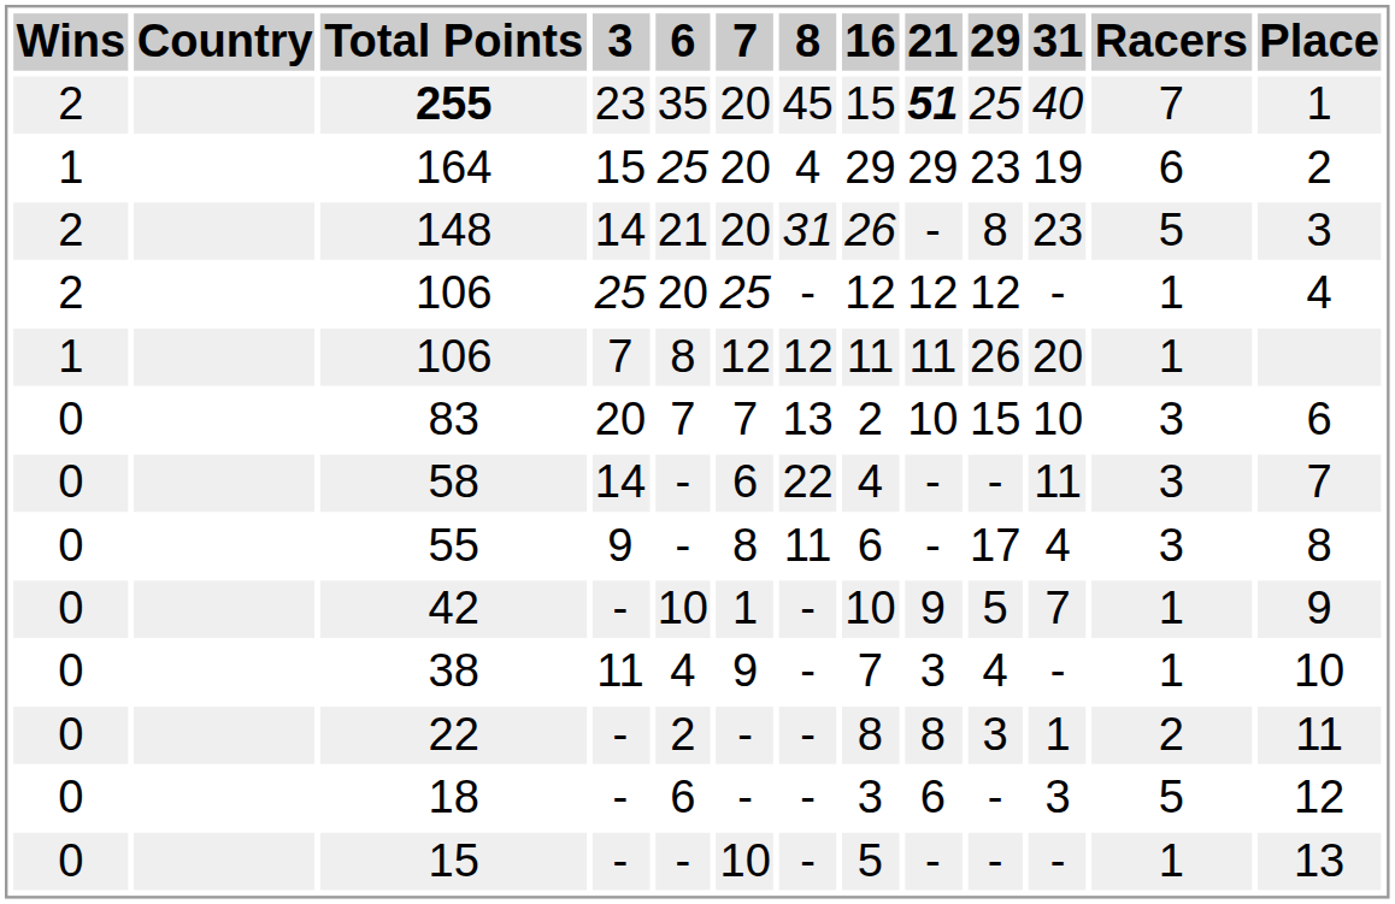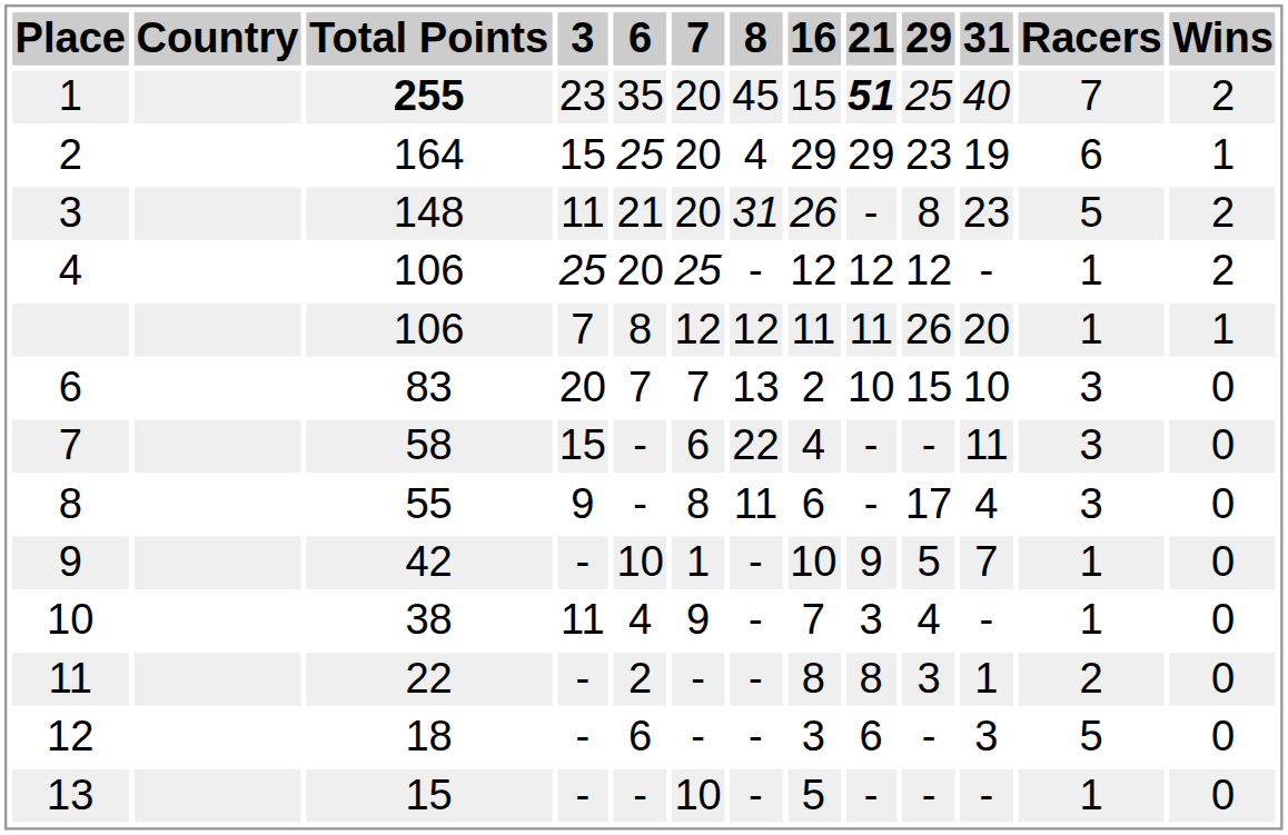 <table border="0" style="border: 1px solid #999; background-color:#FFFFFF; text-align:center">
 <tr align="center" bgcolor="#CCCCCC">
-<th>Wins</th>
+<th>Place</th>
 <th>Country</th>
 <th>Total Points</th>
 <th>3</th>
 <th>6</th>
 <th>7</th>
 <th>8</th>
 <th>16</th>
 <th>21</th>
 <th>29</th>
 <th>31</th>
 <th>Racers</th>
-<th>Place</th>
+<th>Wins</th>
 </tr>
 <tr bgcolor="#EFEFEF">
-<td>2</td>
+<td>1</td>
 <td align="left"></td>
 <td><strong>255</strong></td>
 <td>23</td>
 <td>35</td>
 <td>20</td>
 <td>45</td>
 <td>15</td>
 <td><strong><em>51</em></strong></td>
 <td><em>25</em></td>
 <td><em>40</em></td>
 <td>7</td>
-<td>1</td>
+<td>2</td>
 </tr>
 <tr>
-<td>1</td>
+<td>2</td>
 <td align="left"></td>
 <td>164</td>
 <td>15</td>
 <td><em>25</em></td>
 <td>20</td>
 <td>4</td>
 <td>29</td>
 <td>29</td>
 <td>23</td>
 <td>19</td>
 <td>6</td>
-<td>2</td>
+<td>1</td>
 </tr>
 <tr bgcolor="#EFEFEF">
-<td>2</td>
+<td>3</td>
 <td align="left"></td>
 <td>148</td>
-<td>14</td>
+<td>11</td>
 <td>21</td>
 <td>20</td>
 <td><em>31</em></td>
 <td><em>26</em></td>
 <td>-</td>
 <td>8</td>
 <td>23</td>
 <td>5</td>
-<td>3</td>
+<td>2</td>
 </tr>
 <tr>
-<td>2</td>
+<td>4</td>
 <td align="left"></td>
 <td>106</td>
 <td><em>25</em></td>
 <td>20</td>
 <td><em>25</em></td>
 <td>-</td>
 <td>12</td>
 <td>12</td>
 <td>12</td>
 <td>-</td>
 <td>1</td>
-<td>4</td>
+<td>2</td>
 </tr>
 <tr bgcolor="#EFEFEF">
-<td>1</td>
+<td></td>
 <td align="left"></td>
 <td>106</td>
 <td>7</td>
 <td>8</td>
 <td>12</td>
 <td>12</td>
 <td>11</td>
 <td>11</td>
 <td>26</td>
 <td>20</td>
 <td>1</td>
-<td></td>
+<td>1</td>
 </tr>
 <tr>
-<td>0</td>
+<td>6</td>
 <td align="left"></td>
 <td>83</td>
 <td>20</td>
 <td>7</td>
 <td>7</td>
 <td>13</td>
 <td>2</td>
 <td>10</td>
 <td>15</td>
 <td>10</td>
 <td>3</td>
-<td>6</td>
+<td>0</td>
 </tr>
 <tr bgcolor="#EFEFEF">
-<td>0</td>
+<td>7</td>
 <td align="left"></td>
 <td>58</td>
-<td>14</td>
+<td>15</td>
 <td>-</td>
 <td>6</td>
 <td>22</td>
 <td>4</td>
 <td>-</td>
 <td>-</td>
 <td>11</td>
 <td>3</td>
-<td>7</td>
+<td>0</td>
 </tr>
 <tr>
-<td>0</td>
+<td>8</td>
 <td align="left"></td>
 <td>55</td>
 <td>9</td>
 <td>-</td>
 <td>8</td>
 <td>11</td>
 <td>6</td>
 <td>-</td>
 <td>17</td>
 <td>4</td>
 <td>3</td>
-<td>8</td>
+<td>0</td>
 </tr>
 <tr bgcolor="#EFEFEF">
-<td>0</td>
+<td>9</td>
 <td align="left"></td>
 <td>42</td>
 <td>-</td>
 <td>10</td>
 <td>1</td>
 <td>-</td>
 <td>10</td>
 <td>9</td>
 <td>5</td>
 <td>7</td>
 <td>1</td>
-<td>9</td>
+<td>0</td>
 </tr>
 <tr>
-<td>0</td>
+<td>10</td>
 <td align="left"></td>
 <td>38</td>
 <td>11</td>
 <td>4</td>
 <td>9</td>
 <td>-</td>
 <td>7</td>
 <td>3</td>
 <td>4</td>
 <td>-</td>
 <td>1</td>
-<td>10</td>
+<td>0</td>
 </tr>
 <tr bgcolor="#EFEFEF">
-<td>0</td>
+<td>11</td>
 <td align="left"></td>
 <td>22</td>
 <td>-</td>
 <td>2</td>
 <td>-</td>
 <td>-</td>
 <td>8</td>
 <td>8</td>
 <td>3</td>
 <td>1</td>
 <td>2</td>
-<td>11</td>
+<td>0</td>
 </tr>
 <tr>
-<td>0</td>
+<td>12</td>
 <td align="left"></td>
 <td>18</td>
 <td>-</td>
 <td>6</td>
 <td>-</td>
 <td>-</td>
 <td>3</td>
 <td>6</td>
 <td>-</td>
 <td>3</td>
 <td>5</td>
-<td>12</td>
+<td>0</td>
 </tr>
 <tr bgcolor="#EFEFEF">
-<td>0</td>
+<td>13</td>
 <td align="left"></td>
 <td>15</td>
 <td>-</td>
 <td>-</td>
 <td>10</td>
 <td>-</td>
 <td>5</td>
 <td>-</td>
 <td>-</td>
 <td>-</td>
 <td>1</td>
-<td>13</td>
+<td>0</td>
 </tr>
 </table>
